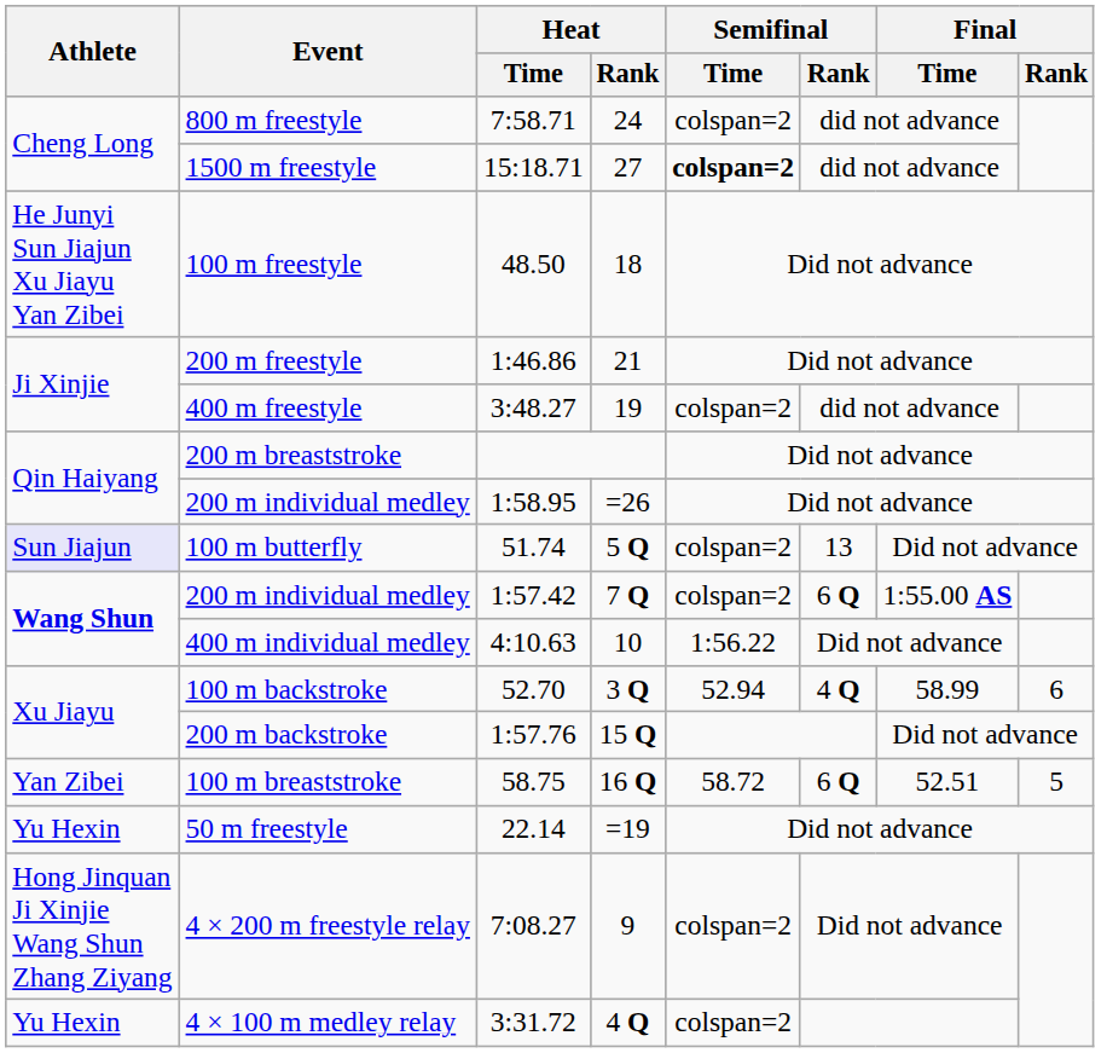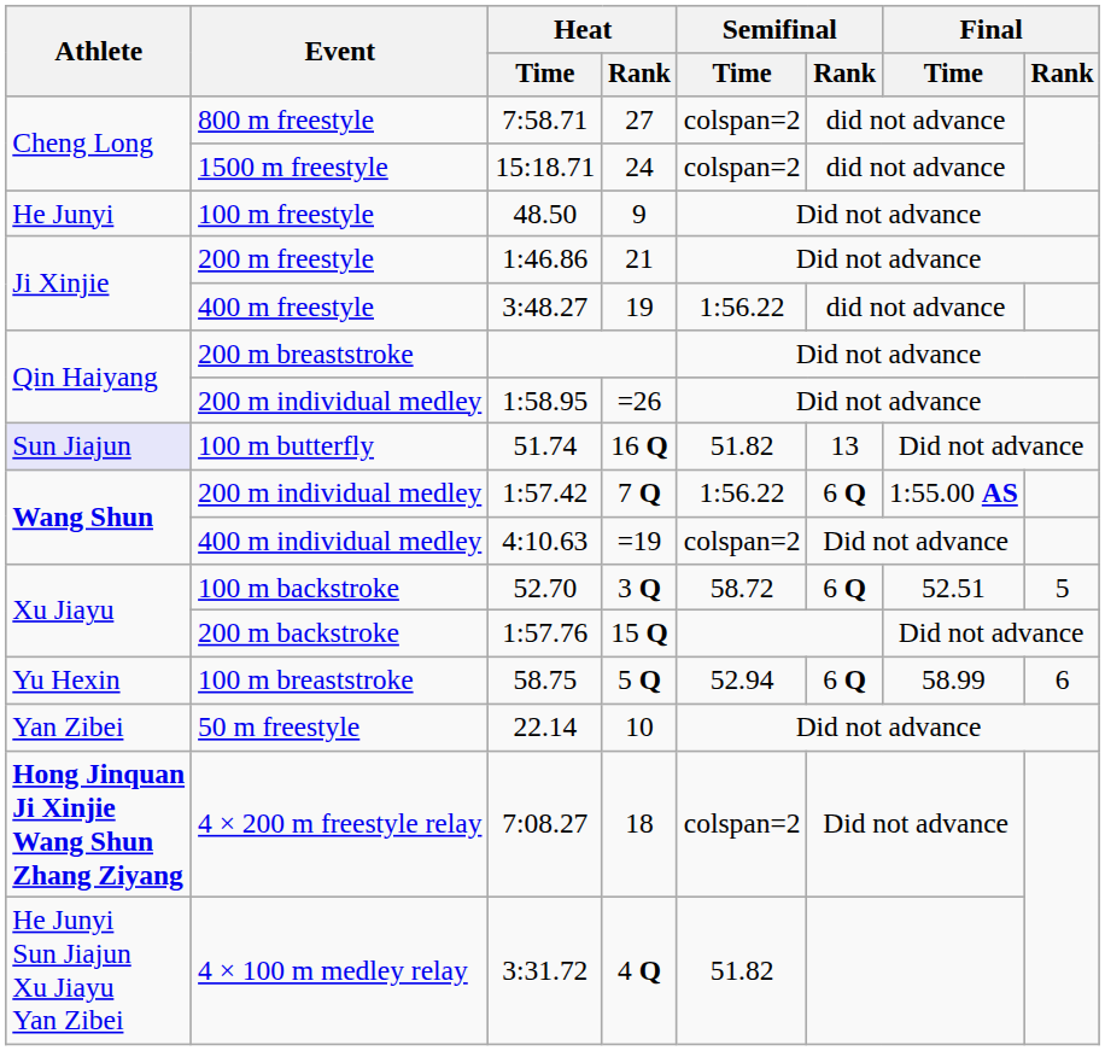 <table class=wikitable style="font-size:90%">
 <tr>
 <th rowspan="2">Athlete</th>
 <th rowspan="2">Event</th>
 <th colspan="2">Heat</th>
 <th colspan="2">Semifinal</th>
 <th colspan="2">Final</th>
 </tr>
 <tr style="font-size:95%">
 <th>Time</th>
 <th>Rank</th>
 <th>Time</th>
 <th>Rank</th>
 <th>Time</th>
 <th>Rank</th>
 </tr>
 <tr align=center>
 <td align=left rowspan=2><a href='#'>Cheng Long</a></td>
 <td align=left><a href='#'>800 m freestyle</a></td>
 <td>7:58.71</td>
-<td>24</td>
+<td>27</td>
 <td>colspan=2 </td>
 <td colspan="2">did not advance</td>
 </tr>
 <tr align=center>
 <td align=left><a href='#'>1500 m freestyle</a></td>
 <td>15:18.71</td>
-<td>27</td>
-<td><strong>colspan=2 </strong></td>
+<td>24</td>
+<td>colspan=2 </td>
 <td colspan="2">did not advance</td>
 </tr>
 <tr align=center>
-<td align=left><a href='#'>He Junyi</a><br><a href='#'>Sun Jiajun</a><br><a href='#'>Xu Jiayu</a><br><a href='#'>Yan Zibei</a></td>
+<td align=left><a href='#'>He Junyi</a></td>
 <td align=left><a href='#'>100 m freestyle</a></td>
 <td>48.50</td>
-<td>18</td>
+<td>9</td>
 <td colspan="4">Did not advance</td>
 </tr>
 <tr align=center>
 <td align=left rowspan=2><a href='#'>Ji Xinjie</a></td>
 <td align=left><a href='#'>200 m freestyle</a></td>
 <td>1:46.86</td>
 <td>21</td>
 <td colspan="4">Did not advance</td>
 </tr>
 <tr align=center>
 <td align=left><a href='#'>400 m freestyle</a></td>
 <td>3:48.27</td>
 <td>19</td>
-<td>colspan=2 </td>
+<td>1:56.22</td>
 <td colspan="2">did not advance</td>
 </tr>
 <tr align=center>
 <td align=left rowspan=2><a href='#'>Qin Haiyang</a></td>
 <td align=left><a href='#'>200 m breaststroke</a></td>
 <td colspan="2"></td>
 <td colspan="4">Did not advance</td>
 </tr>
 <tr align=center>
 <td align=left><a href='#'>200 m individual medley</a></td>
 <td>1:58.95</td>
 <td>=26</td>
 <td colspan="4">Did not advance</td>
 </tr>
 <tr align=center>
 <td align=left style="background: lavender;"><a href='#'>Sun Jiajun</a></td>
 <td align=left><a href='#'>100 m butterfly</a></td>
 <td>51.74</td>
-<td>5 <strong>Q</strong></td>
-<td>colspan=2 </td>
+<td>16 <strong>Q</strong></td>
+<td>51.82</td>
 <td>13</td>
 <td colspan="2">Did not advance</td>
 </tr>
 <tr align=center>
 <td align=left rowspan=2><strong><a href='#'>Wang Shun</a></strong></td>
 <td align=left><a href='#'>200 m individual medley</a></td>
 <td>1:57.42</td>
 <td>7 <strong>Q</strong></td>
-<td>colspan=2 </td>
+<td>1:56.22</td>
 <td>6 <strong>Q</strong></td>
 <td>1:55.00 <strong><a href='#'>AS</a></strong></td>
 <td></td>
 </tr>
 <tr align=center>
 <td align=left><a href='#'>400 m individual medley</a></td>
 <td>4:10.63</td>
-<td>10</td>
-<td>1:56.22</td>
+<td>=19</td>
+<td>colspan=2 </td>
 <td colspan=2>Did not advance</td>
 </tr>
 <tr align=center>
 <td align=left rowspan=2><a href='#'>Xu Jiayu</a></td>
 <td align=left><a href='#'>100 m backstroke</a></td>
 <td>52.70</td>
 <td>3 <strong>Q</strong></td>
-<td>52.94</td>
-<td>4 <strong>Q</strong></td>
-<td>58.99</td>
-<td>6</td>
+<td>58.72</td>
+<td>6 <strong>Q</strong></td>
+<td>52.51</td>
+<td>5</td>
 </tr>
 <tr align=center>
 <td align=left><a href='#'>200 m backstroke</a></td>
 <td>1:57.76</td>
 <td>15 <strong>Q</strong></td>
 <td colspan=2></td>
 <td colspan=2>Did not advance</td>
 </tr>
 <tr align=center>
-<td align=left><a href='#'>Yan Zibei</a></td>
+<td align=left><a href='#'>Yu Hexin</a></td>
 <td align=left><a href='#'>100 m breaststroke</a></td>
 <td>58.75</td>
-<td>16 <strong>Q</strong></td>
-<td>58.72</td>
+<td>5 <strong>Q</strong></td>
+<td>52.94</td>
 <td>6 <strong>Q</strong></td>
-<td>52.51</td>
-<td>5</td>
+<td>58.99</td>
+<td>6</td>
 </tr>
 <tr align=center>
-<td align=left><a href='#'>Yu Hexin</a></td>
+<td align=left><a href='#'>Yan Zibei</a></td>
 <td align=left><a href='#'>50 m freestyle</a></td>
 <td>22.14</td>
-<td>=19</td>
+<td>10</td>
 <td colspan="4">Did not advance</td>
 </tr>
 <tr align=center>
-<td align=left><a href='#'>Hong Jinquan</a><br><a href='#'>Ji Xinjie</a><br><a href='#'>Wang Shun</a><br><a href='#'>Zhang Ziyang</a></td>
+<td align=left><strong><a href='#'>Hong Jinquan</a><br><a href='#'>Ji Xinjie</a><br><a href='#'>Wang Shun</a><br><a href='#'>Zhang Ziyang</a></strong></td>
 <td align=left><a href='#'>4 × 200 m freestyle relay</a></td>
 <td>7:08.27</td>
-<td>9</td>
+<td>18</td>
 <td>colspan=2 </td>
 <td colspan="2">Did not advance</td>
 </tr>
 <tr align=center>
-<td align=left><a href='#'>Yu Hexin</a></td>
+<td align=left><a href='#'>He Junyi</a><br><a href='#'>Sun Jiajun</a><br><a href='#'>Xu Jiayu</a><br><a href='#'>Yan Zibei</a></td>
 <td align=left><a href='#'>4 × 100 m medley relay</a></td>
 <td>3:31.72</td>
 <td>4 <strong>Q</strong></td>
-<td>colspan=2 </td>
+<td>51.82</td>
 <td colspan="2"></td>
 </tr>
 </table>
